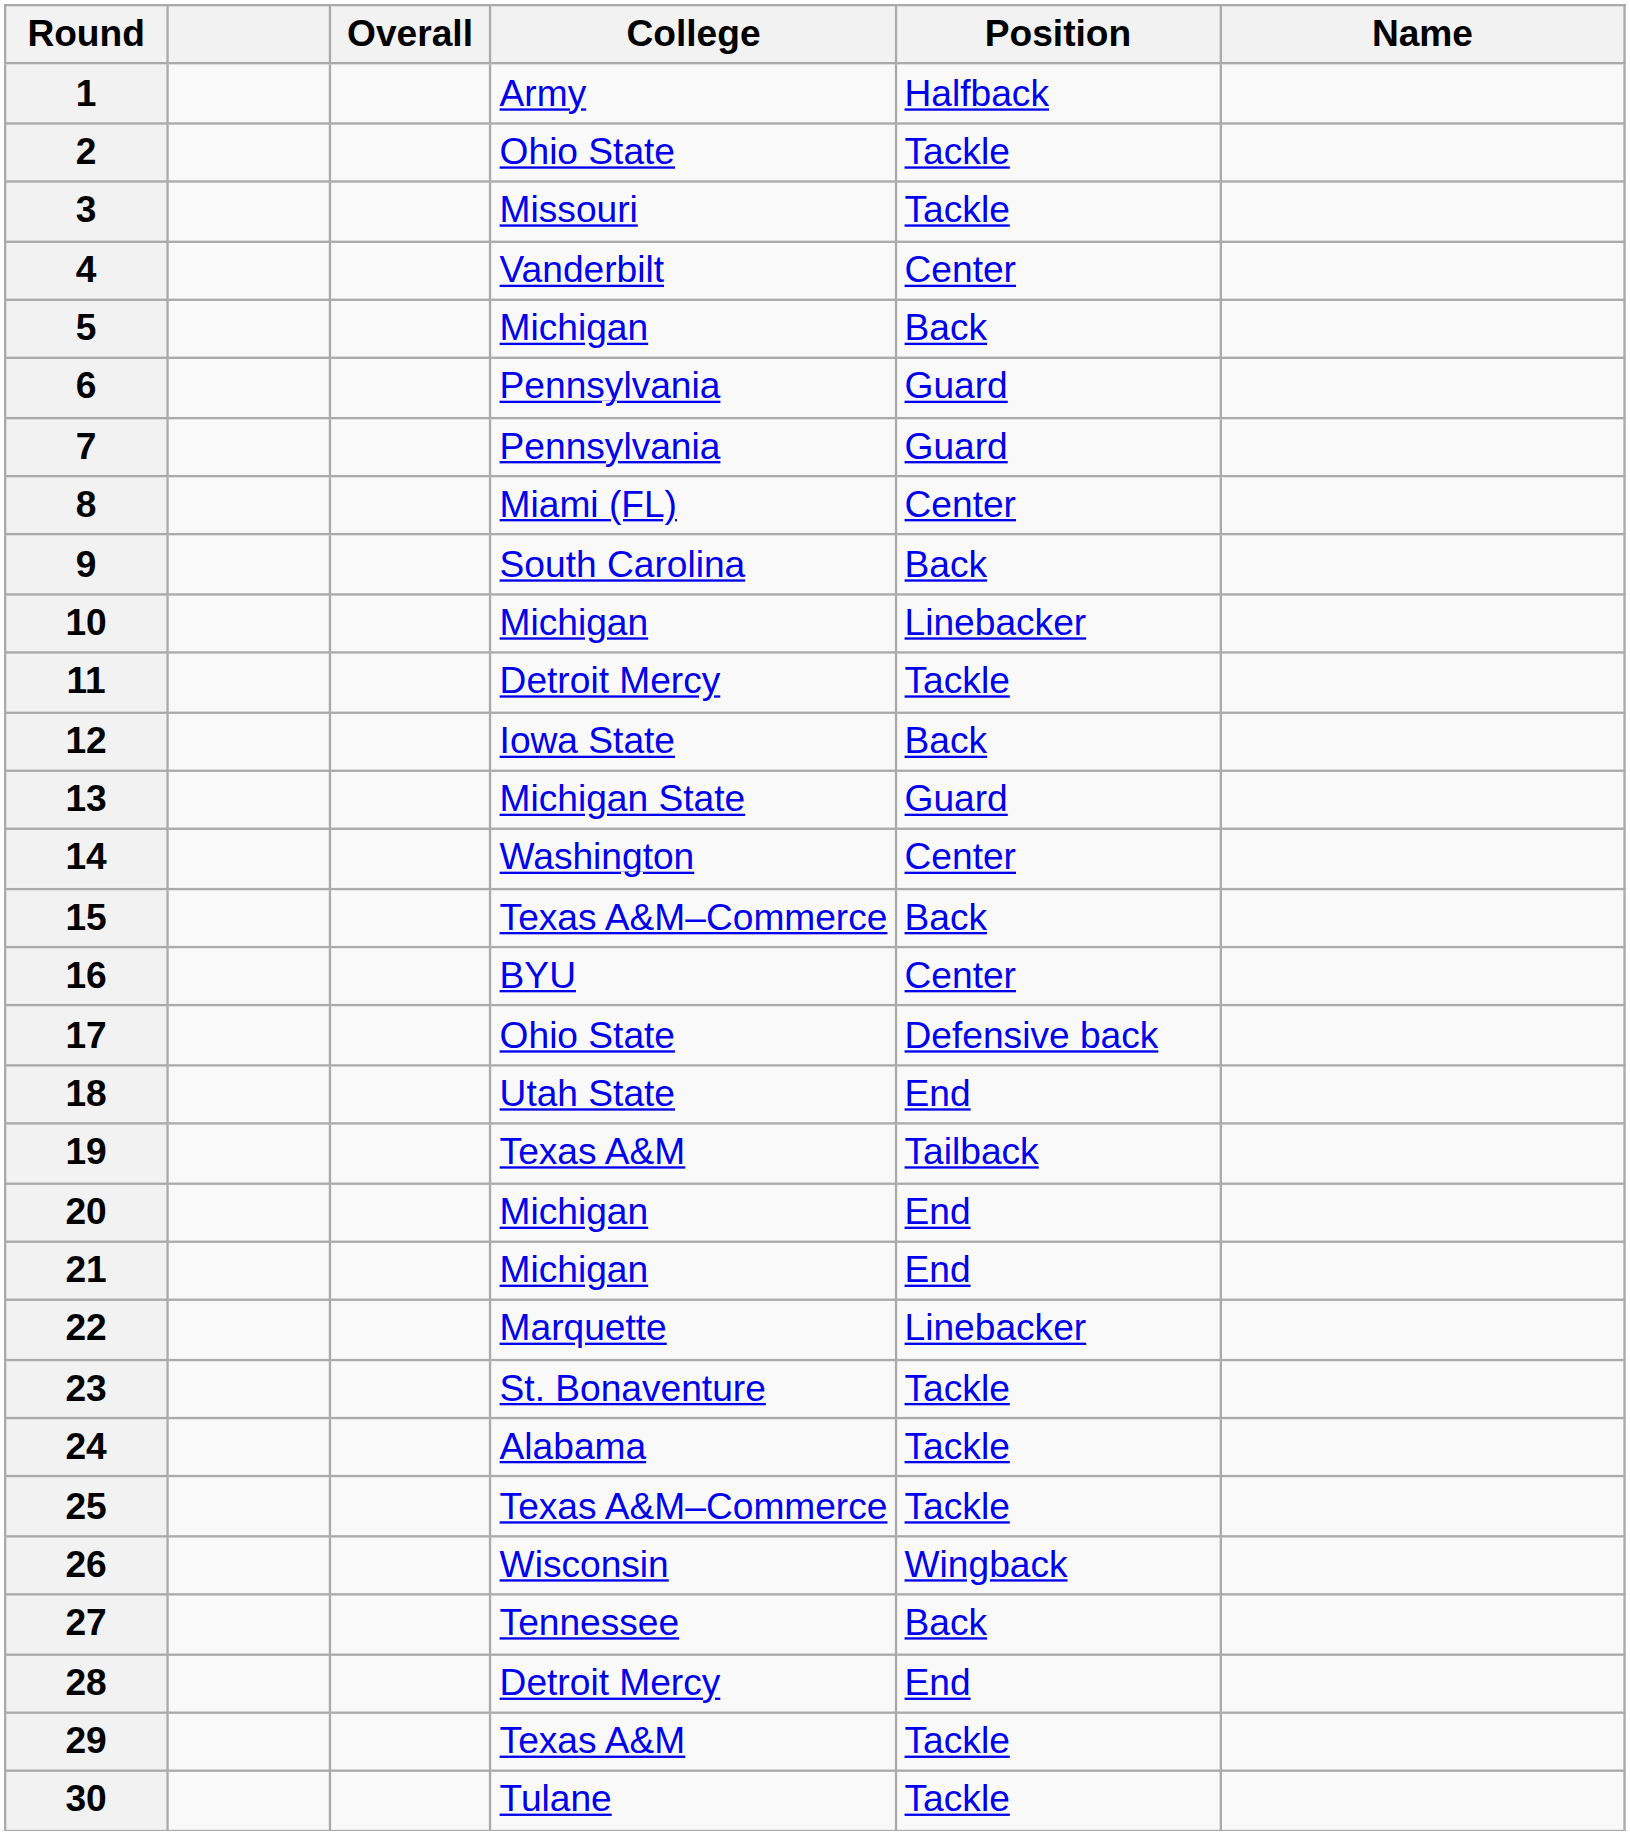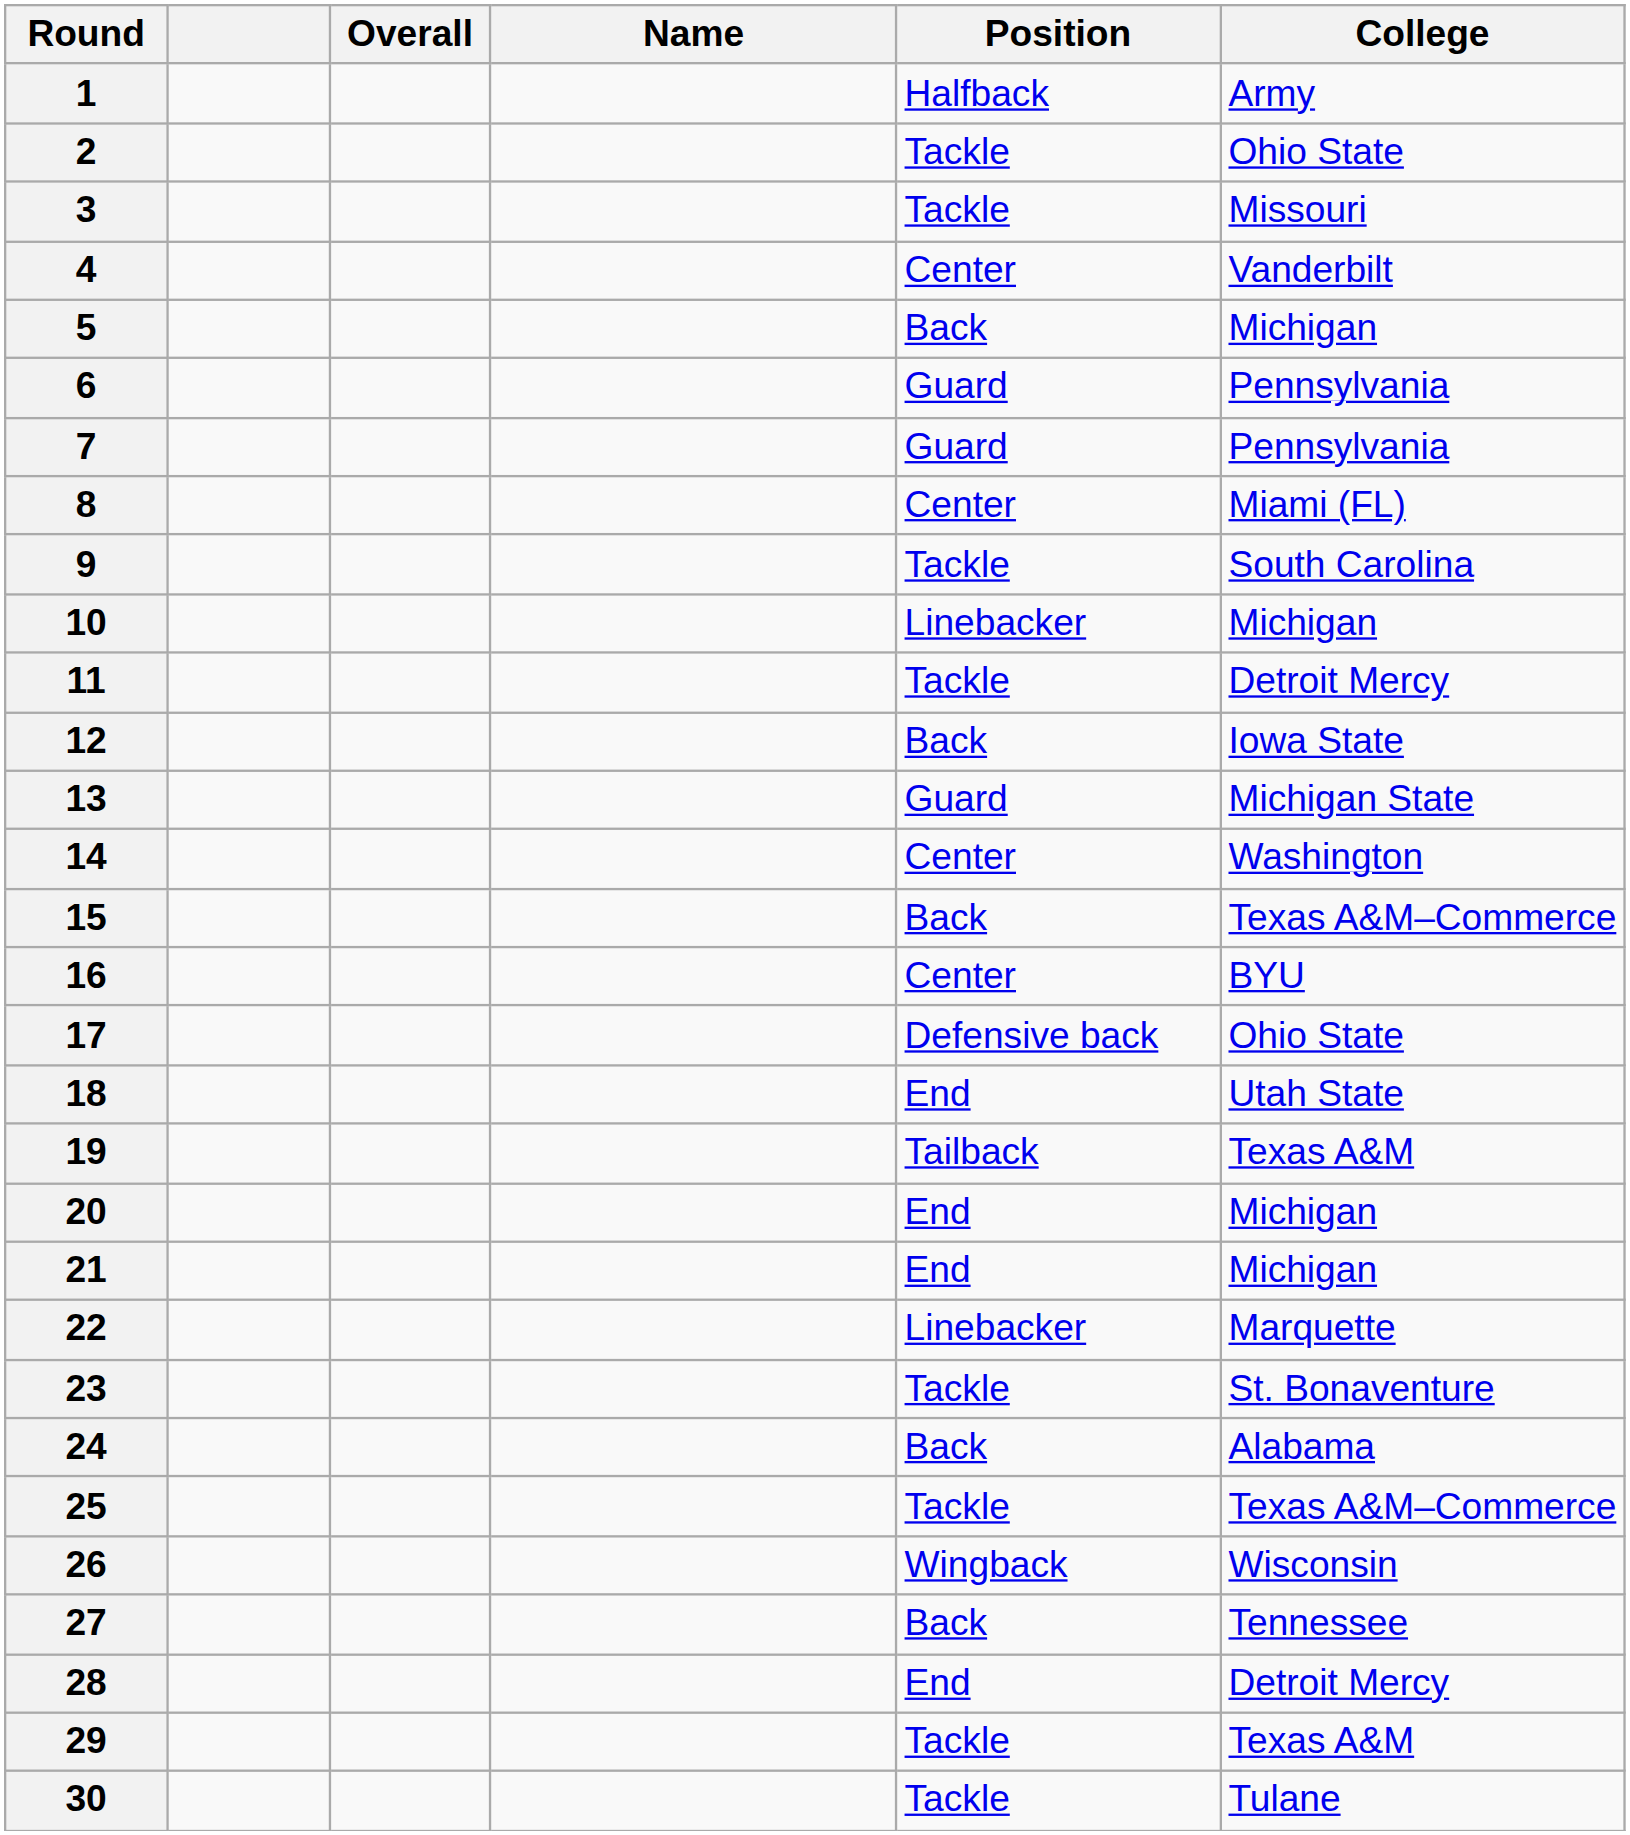 <table class="wikitable sortable">
 <tr>
 <th scope="col" style="width: 10%;">Round</th>
 <th scope="col" style="width: 10%;"></th>
 <th scope="col" style="width: 10%;">Overall</th>
+<th scope="col" style="width: 25%;">Name</th>
+<th scope="col" style="width: 20%;">Position</th>
 <th scope="col" style="width: 25%;">College</th>
-<th scope="col" style="width: 20%;">Position</th>
-<th scope="col" style="width: 25%;">Name</th>
 </tr>
 <tr>
 <th scope="row">1</th>
 <td></td>
 <td></td>
+<td></td>
+<td><a href='#'>Halfback</a></td>
 <td><a href='#'>Army</a></td>
-<td><a href='#'>Halfback</a></td>
-<td></td>
 </tr>
 <tr>
 <th scope="row">2</th>
 <td></td>
 <td></td>
+<td></td>
+<td><a href='#'>Tackle</a></td>
 <td><a href='#'>Ohio State</a></td>
-<td><a href='#'>Tackle</a></td>
-<td></td>
 </tr>
 <tr>
 <th scope="row">3</th>
 <td></td>
 <td></td>
+<td></td>
+<td><a href='#'>Tackle</a></td>
 <td><a href='#'>Missouri</a></td>
-<td><a href='#'>Tackle</a></td>
-<td></td>
 </tr>
 <tr>
 <th scope="row">4</th>
 <td></td>
 <td></td>
+<td></td>
+<td><a href='#'>Center</a></td>
 <td><a href='#'>Vanderbilt</a></td>
-<td><a href='#'>Center</a></td>
-<td></td>
 </tr>
 <tr>
 <th scope="row">5</th>
 <td></td>
 <td></td>
+<td></td>
+<td><a href='#'>Back</a></td>
 <td><a href='#'>Michigan</a></td>
-<td><a href='#'>Back</a></td>
-<td></td>
 </tr>
 <tr>
 <th scope="row">6</th>
 <td></td>
 <td></td>
+<td></td>
+<td><a href='#'>Guard</a></td>
 <td><a href='#'>Pennsylvania</a></td>
-<td><a href='#'>Guard</a></td>
-<td></td>
 </tr>
 <tr>
 <th scope="row">7</th>
 <td></td>
 <td></td>
+<td></td>
+<td><a href='#'>Guard</a></td>
 <td><a href='#'>Pennsylvania</a></td>
-<td><a href='#'>Guard</a></td>
-<td></td>
 </tr>
 <tr>
 <th scope="row">8</th>
 <td></td>
 <td></td>
+<td></td>
+<td><a href='#'>Center</a></td>
 <td><a href='#'>Miami (FL)</a></td>
-<td><a href='#'>Center</a></td>
-<td></td>
 </tr>
 <tr>
 <th scope="row">9</th>
 <td></td>
 <td></td>
+<td></td>
+<td><a href='#'>Tackle</a></td>
 <td><a href='#'>South Carolina</a></td>
-<td><a href='#'>Back</a></td>
-<td></td>
 </tr>
 <tr>
 <th scope="row">10</th>
 <td></td>
 <td></td>
+<td></td>
+<td><a href='#'>Linebacker</a></td>
 <td><a href='#'>Michigan</a></td>
-<td><a href='#'>Linebacker</a></td>
-<td></td>
 </tr>
 <tr>
 <th scope="row">11</th>
 <td></td>
 <td></td>
+<td></td>
+<td><a href='#'>Tackle</a></td>
 <td><a href='#'>Detroit Mercy</a></td>
-<td><a href='#'>Tackle</a></td>
-<td></td>
 </tr>
 <tr>
 <th scope="row">12</th>
 <td></td>
 <td></td>
+<td></td>
+<td><a href='#'>Back</a></td>
 <td><a href='#'>Iowa State</a></td>
-<td><a href='#'>Back</a></td>
-<td></td>
 </tr>
 <tr>
 <th scope="row">13</th>
 <td></td>
 <td></td>
+<td></td>
+<td><a href='#'>Guard</a></td>
 <td><a href='#'>Michigan State</a></td>
-<td><a href='#'>Guard</a></td>
-<td></td>
 </tr>
 <tr>
 <th scope="row">14</th>
 <td></td>
 <td></td>
+<td></td>
+<td><a href='#'>Center</a></td>
 <td><a href='#'>Washington</a></td>
-<td><a href='#'>Center</a></td>
-<td></td>
 </tr>
 <tr>
 <th scope="row">15</th>
 <td></td>
 <td></td>
+<td></td>
+<td><a href='#'>Back</a></td>
 <td><a href='#'>Texas A&M–Commerce</a></td>
-<td><a href='#'>Back</a></td>
-<td></td>
 </tr>
 <tr>
 <th scope="row">16</th>
 <td></td>
 <td></td>
+<td></td>
+<td><a href='#'>Center</a></td>
 <td><a href='#'>BYU</a></td>
-<td><a href='#'>Center</a></td>
-<td></td>
 </tr>
 <tr>
 <th scope="row">17</th>
 <td></td>
 <td></td>
+<td></td>
+<td><a href='#'>Defensive back</a></td>
 <td><a href='#'>Ohio State</a></td>
-<td><a href='#'>Defensive back</a></td>
-<td></td>
 </tr>
 <tr>
 <th scope="row">18</th>
 <td></td>
 <td></td>
+<td></td>
+<td><a href='#'>End</a></td>
 <td><a href='#'>Utah State</a></td>
-<td><a href='#'>End</a></td>
-<td></td>
 </tr>
 <tr>
 <th scope="row">19</th>
 <td></td>
 <td></td>
+<td></td>
+<td><a href='#'>Tailback</a></td>
 <td><a href='#'>Texas A&M</a></td>
-<td><a href='#'>Tailback</a></td>
-<td></td>
 </tr>
 <tr>
 <th scope="row">20</th>
 <td></td>
 <td></td>
+<td></td>
+<td><a href='#'>End</a></td>
 <td><a href='#'>Michigan</a></td>
-<td><a href='#'>End</a></td>
-<td></td>
 </tr>
 <tr>
 <th scope="row">21</th>
 <td></td>
 <td></td>
+<td></td>
+<td><a href='#'>End</a></td>
 <td><a href='#'>Michigan</a></td>
-<td><a href='#'>End</a></td>
-<td></td>
 </tr>
 <tr>
 <th scope="row">22</th>
 <td></td>
 <td></td>
+<td></td>
+<td><a href='#'>Linebacker</a></td>
 <td><a href='#'>Marquette</a></td>
-<td><a href='#'>Linebacker</a></td>
-<td></td>
 </tr>
 <tr>
 <th scope="row">23</th>
 <td></td>
 <td></td>
+<td></td>
+<td><a href='#'>Tackle</a></td>
 <td><a href='#'>St. Bonaventure</a></td>
-<td><a href='#'>Tackle</a></td>
-<td></td>
 </tr>
 <tr>
 <th scope="row">24</th>
 <td></td>
 <td></td>
+<td></td>
+<td><a href='#'>Back</a></td>
 <td><a href='#'>Alabama</a></td>
-<td><a href='#'>Tackle</a></td>
-<td></td>
 </tr>
 <tr>
 <th scope="row">25</th>
 <td></td>
 <td></td>
+<td></td>
+<td><a href='#'>Tackle</a></td>
 <td><a href='#'>Texas A&M–Commerce</a></td>
-<td><a href='#'>Tackle</a></td>
-<td></td>
 </tr>
 <tr>
 <th scope="row">26</th>
 <td></td>
 <td></td>
+<td></td>
+<td><a href='#'>Wingback</a></td>
 <td><a href='#'>Wisconsin</a></td>
-<td><a href='#'>Wingback</a></td>
-<td></td>
 </tr>
 <tr>
 <th scope="row">27</th>
 <td></td>
 <td></td>
+<td></td>
+<td><a href='#'>Back</a></td>
 <td><a href='#'>Tennessee</a></td>
-<td><a href='#'>Back</a></td>
-<td></td>
 </tr>
 <tr>
 <th scope="row">28</th>
 <td></td>
 <td></td>
+<td></td>
+<td><a href='#'>End</a></td>
 <td><a href='#'>Detroit Mercy</a></td>
-<td><a href='#'>End</a></td>
-<td></td>
 </tr>
 <tr>
 <th scope="row">29</th>
 <td></td>
 <td></td>
+<td></td>
+<td><a href='#'>Tackle</a></td>
 <td><a href='#'>Texas A&M</a></td>
-<td><a href='#'>Tackle</a></td>
-<td></td>
 </tr>
 <tr>
 <th scope="row">30</th>
 <td></td>
 <td></td>
+<td></td>
+<td><a href='#'>Tackle</a></td>
 <td><a href='#'>Tulane</a></td>
-<td><a href='#'>Tackle</a></td>
-<td></td>
 </tr>
 </table>
